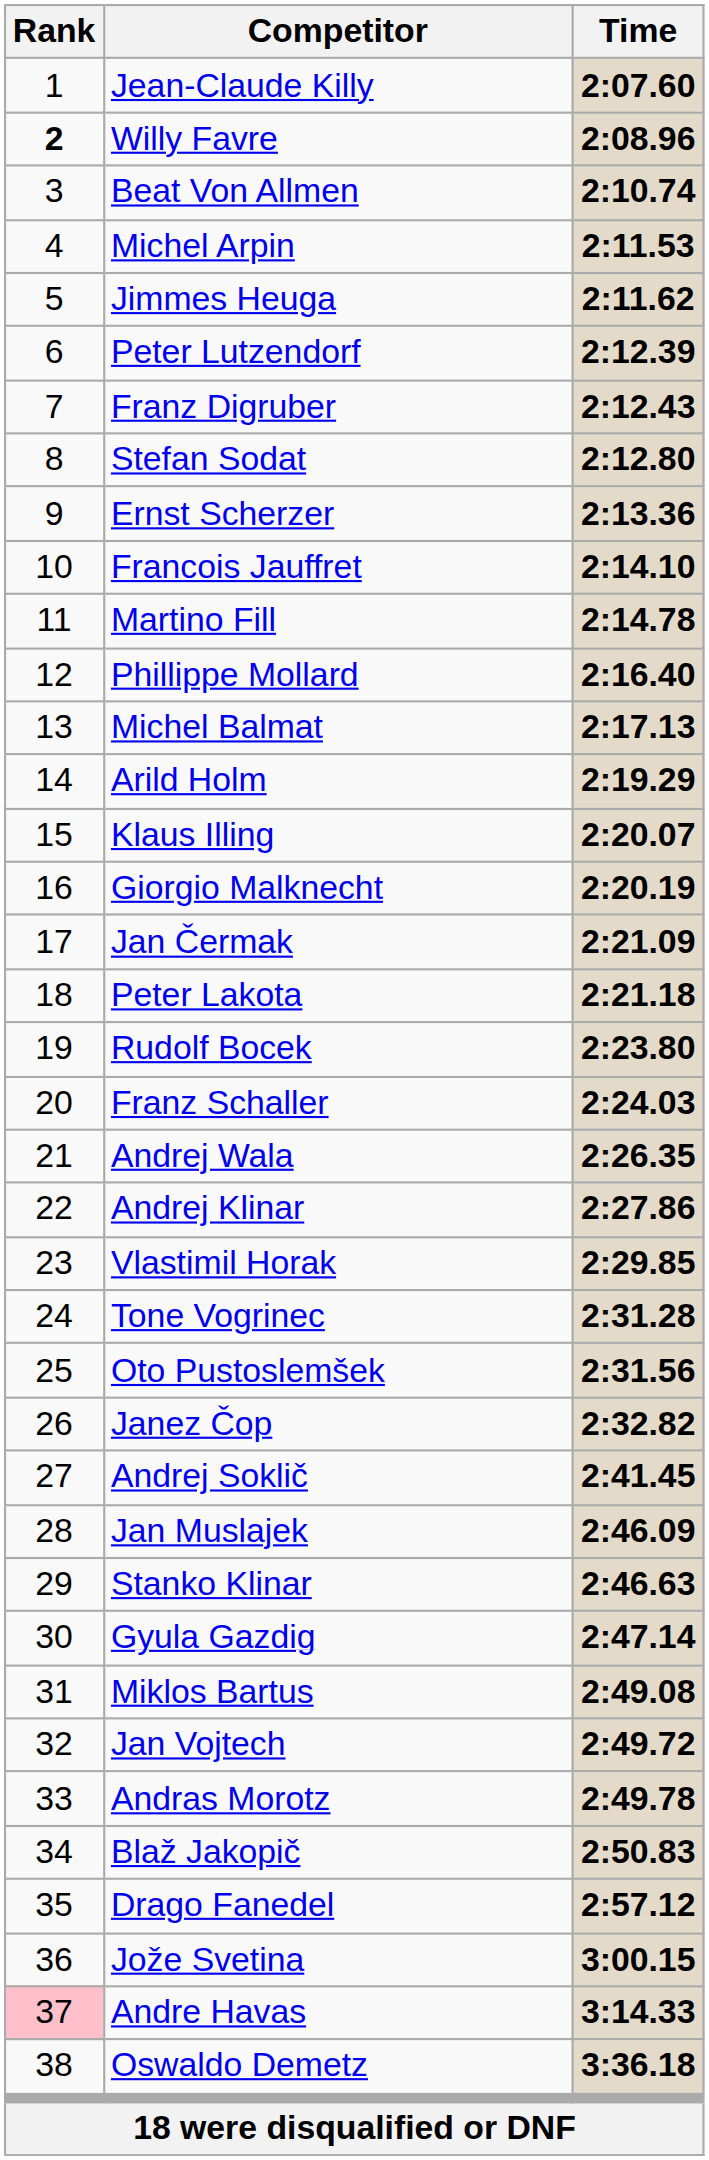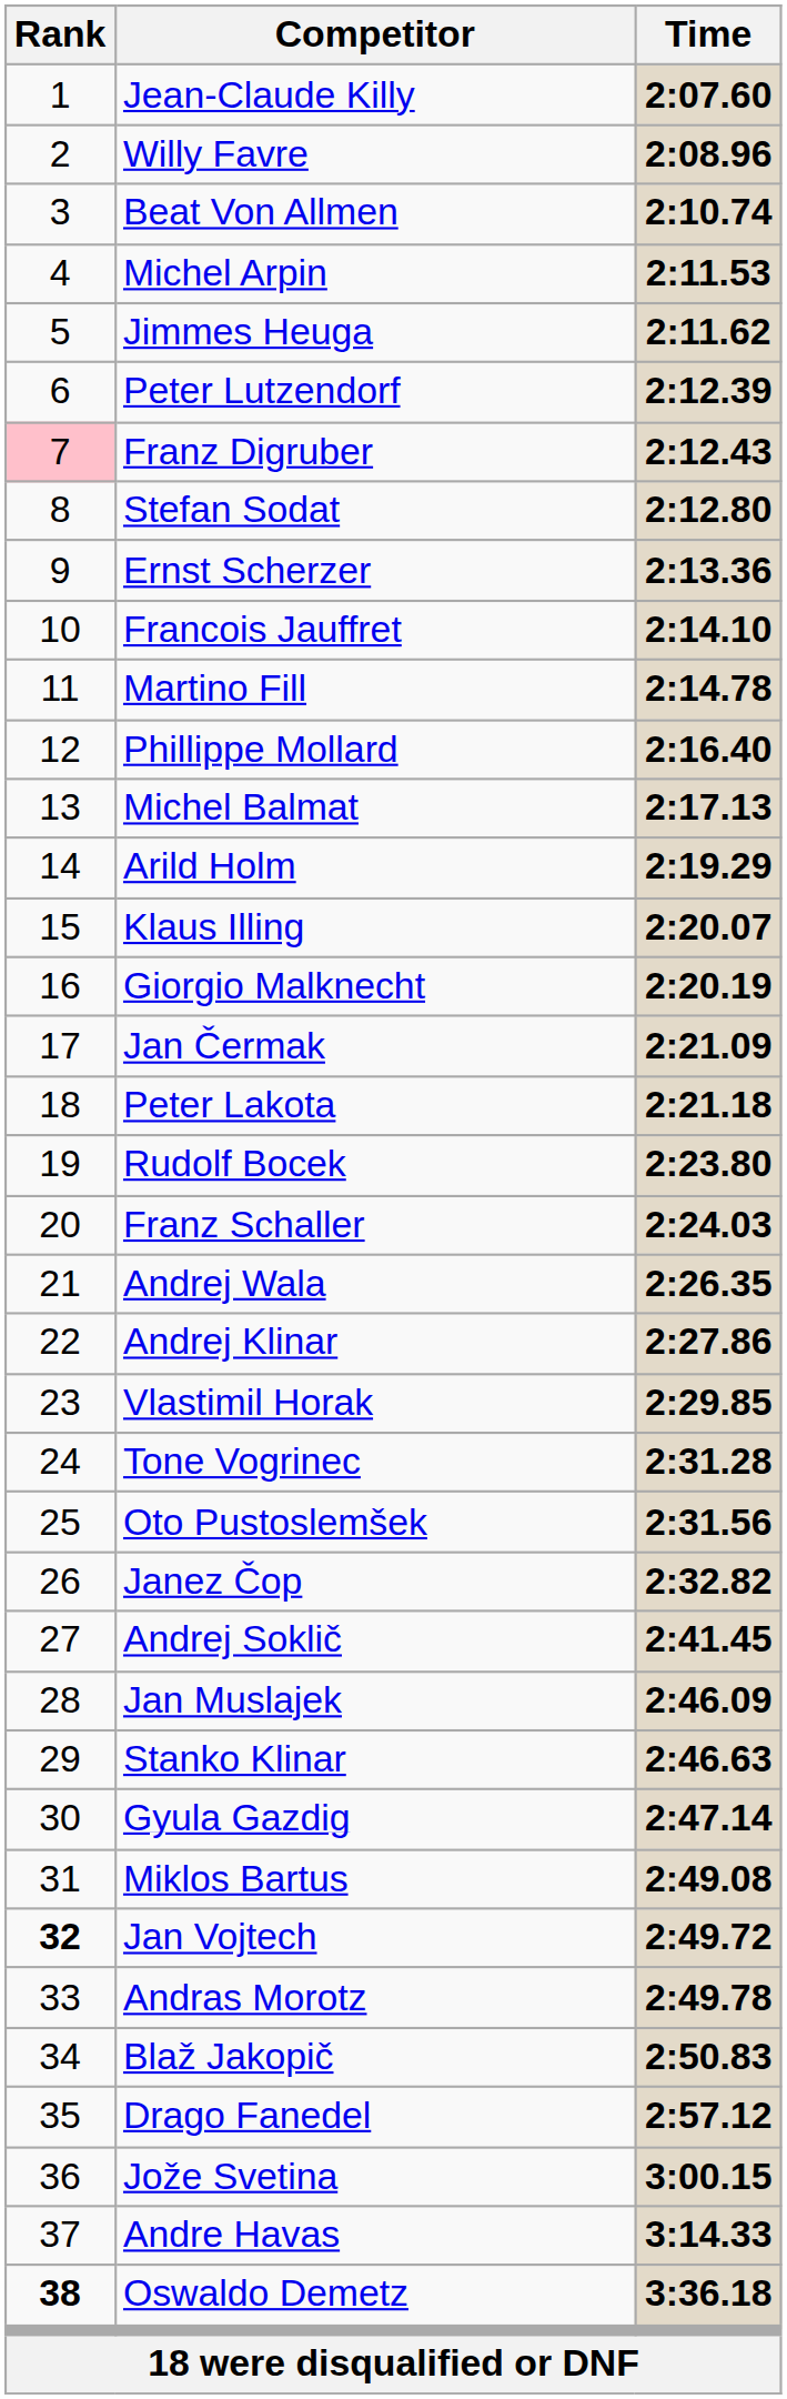 <table class="wikitable">
 <tr>
 <th width=35>Rank</th>
 <th width=215>Competitor</th>
 <th width=55>Time</th>
 </tr>
 <tr>
 <td align=center>1</td>
 <td> <a href='#'>Jean-Claude Killy</a></td>
 <td align=center bgcolor=#E3DAC9><strong>2:07.60</strong></td>
 </tr>
 <tr>
-<td align=center><strong>2</strong></td>
+<td align=center>2</td>
 <td> <a href='#'>Willy Favre</a></td>
 <td align=center bgcolor=#E3DAC9><strong>2:08.96</strong></td>
 </tr>
 <tr>
 <td align=center>3</td>
 <td> <a href='#'>Beat Von Allmen</a></td>
 <td align=center bgcolor=#E3DAC9><strong>2:10.74</strong></td>
 </tr>
 <tr>
 <td align=center>4</td>
 <td> <a href='#'>Michel Arpin</a></td>
 <td align=center bgcolor=#E3DAC9><strong>2:11.53</strong></td>
 </tr>
 <tr>
 <td align=center>5</td>
 <td> <a href='#'>Jimmes Heuga</a></td>
 <td align=center bgcolor=#E3DAC9><strong>2:11.62</strong></td>
 </tr>
 <tr>
 <td align=center>6</td>
 <td> <a href='#'>Peter Lutzendorf</a></td>
 <td align=center bgcolor=#E3DAC9><strong>2:12.39</strong></td>
 </tr>
 <tr>
-<td align=center>7</td>
+<td align=center style="background: pink;">7</td>
 <td> <a href='#'>Franz Digruber</a></td>
 <td align=center bgcolor=#E3DAC9><strong>2:12.43</strong></td>
 </tr>
 <tr>
 <td align=center>8</td>
 <td> <a href='#'>Stefan Sodat</a></td>
 <td align=center bgcolor=#E3DAC9><strong>2:12.80</strong></td>
 </tr>
 <tr>
 <td align=center>9</td>
 <td> <a href='#'>Ernst Scherzer</a></td>
 <td align=center bgcolor=#E3DAC9><strong>2:13.36</strong></td>
 </tr>
 <tr>
 <td align=center>10</td>
 <td> <a href='#'>Francois Jauffret</a></td>
 <td align=center bgcolor=#E3DAC9><strong>2:14.10</strong></td>
 </tr>
 <tr>
 <td align=center>11</td>
 <td> <a href='#'>Martino Fill</a></td>
 <td align=center bgcolor=#E3DAC9><strong>2:14.78</strong></td>
 </tr>
 <tr>
 <td align=center>12</td>
 <td> <a href='#'>Phillippe Mollard</a></td>
 <td align=center bgcolor=#E3DAC9><strong>2:16.40</strong></td>
 </tr>
 <tr>
 <td align=center>13</td>
 <td> <a href='#'>Michel Balmat</a></td>
 <td align=center bgcolor=#E3DAC9><strong>2:17.13</strong></td>
 </tr>
 <tr>
 <td align=center>14</td>
 <td> <a href='#'>Arild Holm</a></td>
 <td align=center bgcolor=#E3DAC9><strong>2:19.29</strong></td>
 </tr>
 <tr>
 <td align=center>15</td>
 <td> <a href='#'>Klaus Illing</a></td>
 <td align=center bgcolor=#E3DAC9><strong>2:20.07</strong></td>
 </tr>
 <tr>
 <td align=center>16</td>
 <td> <a href='#'>Giorgio Malknecht</a></td>
 <td align=center bgcolor=#E3DAC9><strong>2:20.19</strong></td>
 </tr>
 <tr>
 <td align=center>17</td>
 <td> <a href='#'>Jan Čermak</a></td>
 <td align=center bgcolor=#E3DAC9><strong>2:21.09</strong></td>
 </tr>
 <tr>
 <td align=center>18</td>
 <td> <a href='#'>Peter Lakota</a></td>
 <td align=center bgcolor=#E3DAC9><strong>2:21.18</strong></td>
 </tr>
 <tr>
 <td align=center>19</td>
 <td> <a href='#'>Rudolf Bocek</a></td>
 <td align=center bgcolor=#E3DAC9><strong>2:23.80</strong></td>
 </tr>
 <tr>
 <td align=center>20</td>
 <td> <a href='#'>Franz Schaller</a></td>
 <td align=center bgcolor=#E3DAC9><strong>2:24.03</strong></td>
 </tr>
 <tr>
 <td align=center>21</td>
 <td> <a href='#'>Andrej Wala</a></td>
 <td align=center bgcolor=#E3DAC9><strong>2:26.35</strong></td>
 </tr>
 <tr>
 <td align=center>22</td>
 <td> <a href='#'>Andrej Klinar</a></td>
 <td align=center bgcolor=#E3DAC9><strong>2:27.86</strong></td>
 </tr>
 <tr>
 <td align=center>23</td>
 <td> <a href='#'>Vlastimil Horak</a></td>
 <td align=center bgcolor=#E3DAC9><strong>2:29.85</strong></td>
 </tr>
 <tr>
 <td align=center>24</td>
 <td> <a href='#'>Tone Vogrinec</a></td>
 <td align=center bgcolor=#E3DAC9><strong>2:31.28</strong></td>
 </tr>
 <tr>
 <td align=center>25</td>
 <td> <a href='#'>Oto Pustoslemšek</a></td>
 <td align=center bgcolor=#E3DAC9><strong>2:31.56</strong></td>
 </tr>
 <tr>
 <td align=center>26</td>
 <td> <a href='#'>Janez Čop</a></td>
 <td align=center bgcolor=#E3DAC9><strong>2:32.82</strong></td>
 </tr>
 <tr>
 <td align=center>27</td>
 <td> <a href='#'>Andrej Soklič</a></td>
 <td align=center bgcolor=#E3DAC9><strong>2:41.45</strong></td>
 </tr>
 <tr>
 <td align=center>28</td>
 <td> <a href='#'>Jan Muslajek</a></td>
 <td align=center bgcolor=#E3DAC9><strong>2:46.09</strong></td>
 </tr>
 <tr>
 <td align=center>29</td>
 <td> <a href='#'>Stanko Klinar</a></td>
 <td align=center bgcolor=#E3DAC9><strong>2:46.63</strong></td>
 </tr>
 <tr>
 <td align=center>30</td>
 <td> <a href='#'>Gyula Gazdig</a></td>
 <td align=center bgcolor=#E3DAC9><strong>2:47.14</strong></td>
 </tr>
 <tr>
 <td align=center>31</td>
 <td> <a href='#'>Miklos Bartus</a></td>
 <td align=center bgcolor=#E3DAC9><strong>2:49.08</strong></td>
 </tr>
 <tr>
-<td align=center>32</td>
+<td align=center><strong>32</strong></td>
 <td> <a href='#'>Jan Vojtech</a></td>
 <td align=center bgcolor=#E3DAC9><strong>2:49.72</strong></td>
 </tr>
 <tr>
 <td align=center>33</td>
 <td> <a href='#'>Andras Morotz</a></td>
 <td align=center bgcolor=#E3DAC9><strong>2:49.78</strong></td>
 </tr>
 <tr>
 <td align=center>34</td>
 <td> <a href='#'>Blaž Jakopič</a></td>
 <td align=center bgcolor=#E3DAC9><strong>2:50.83</strong></td>
 </tr>
 <tr>
 <td align=center>35</td>
 <td> <a href='#'>Drago Fanedel</a></td>
 <td align=center bgcolor=#E3DAC9><strong>2:57.12</strong></td>
 </tr>
 <tr>
 <td align=center>36</td>
 <td> <a href='#'>Jože Svetina</a></td>
 <td align=center bgcolor=#E3DAC9><strong>3:00.15</strong></td>
 </tr>
 <tr>
-<td align=center style="background: pink;">37</td>
+<td align=center>37</td>
 <td> <a href='#'>Andre Havas</a></td>
 <td align=center bgcolor=#E3DAC9><strong>3:14.33</strong></td>
 </tr>
 <tr>
-<td align=center>38</td>
+<td align=center><strong>38</strong></td>
 <td> <a href='#'>Oswaldo Demetz</a></td>
 <td align=center bgcolor=#E3DAC9><strong>3:36.18</strong></td>
 </tr>
 <tr>
 <th colspan=5 style="border-top-width:5px">18 were disqualified or DNF</th>
 </tr>
 </table>
